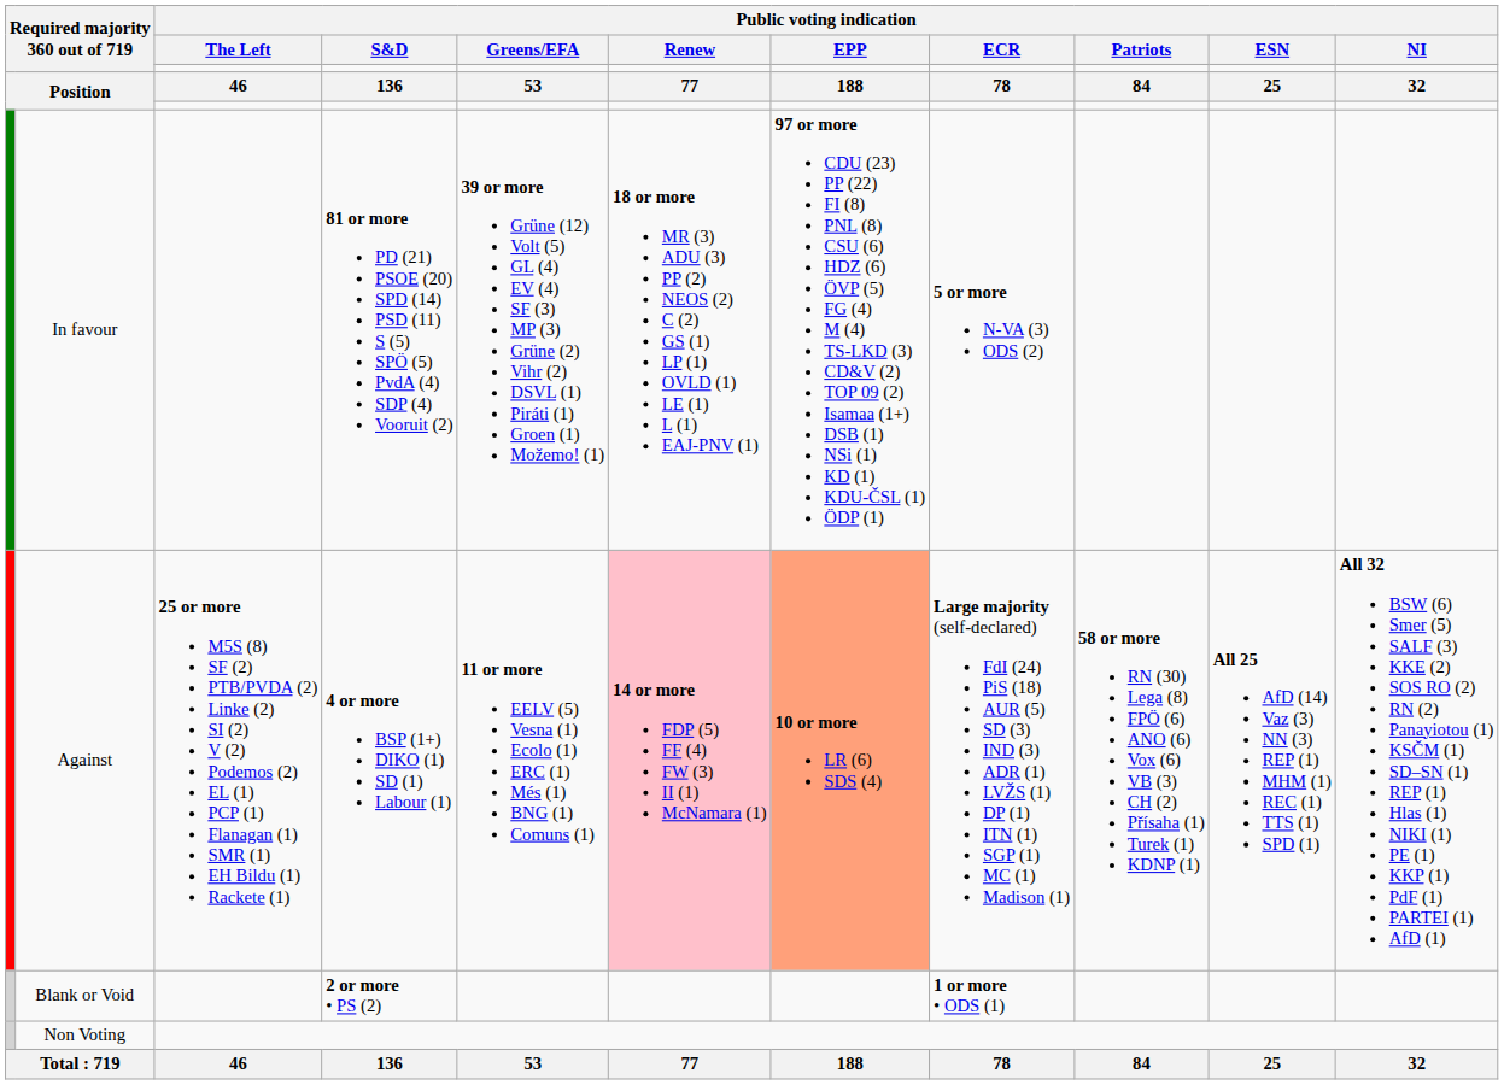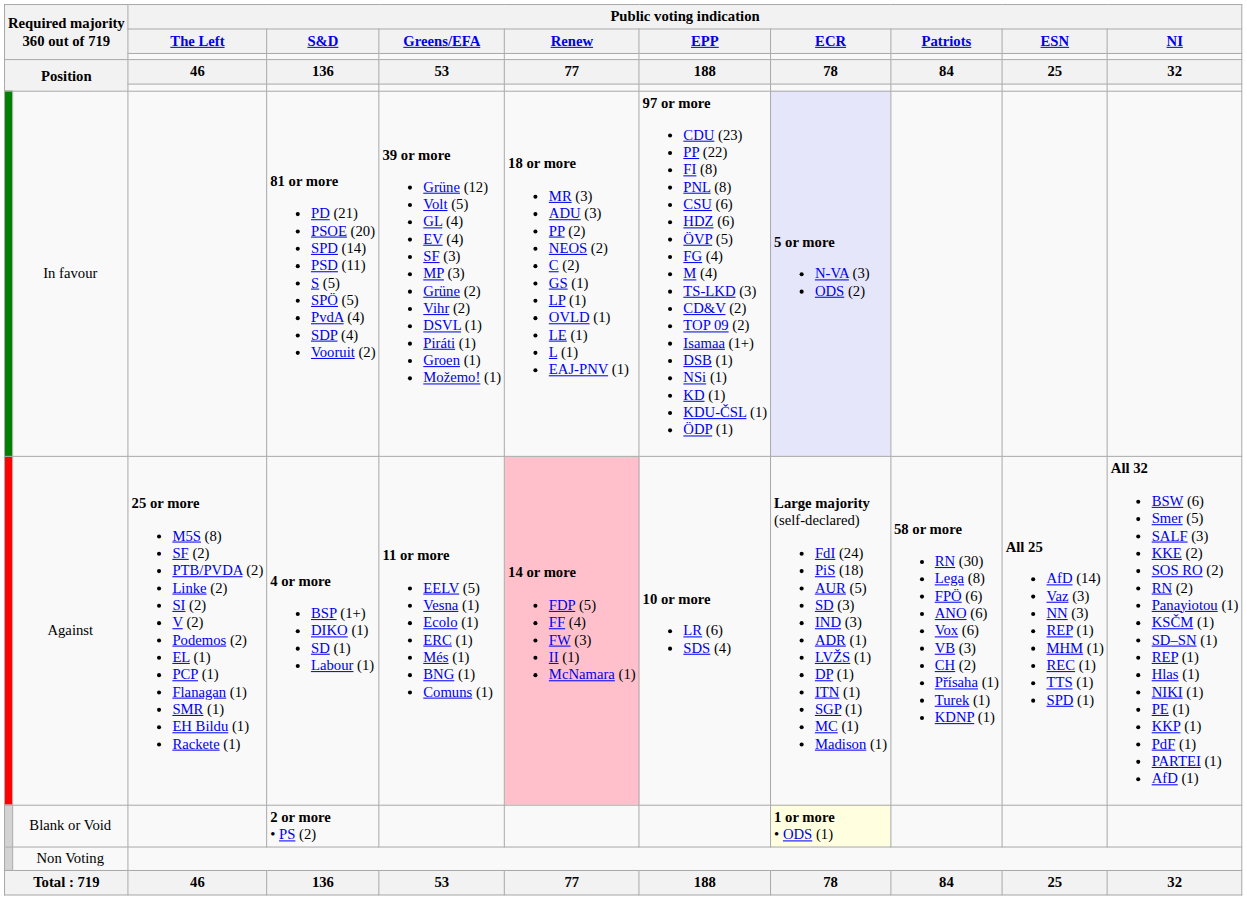 <table class="wikitable mw-collapsible" style="text-align:left; font-size:90%;">
 <tr>
 <th colspan="2" rowspan="3">Required majority<br>360 out of 719 </th>
 <th colspan="9">Public voting indication<br></th>
 </tr>
 <tr>
 <th><a href='#'>The Left</a></th>
 <th><a href='#'>S&D</a></th>
 <th><a href='#'>Greens/EFA</a></th>
 <th><a href='#'>Renew</a></th>
 <th><a href='#'>EPP</a></th>
 <th><a href='#'>ECR</a></th>
 <th><a href='#'>Patriots</a></th>
 <th><a href='#'>ESN</a></th>
 <th><a href='#'>NI</a></th>
 </tr>
 <tr>
 <td style="background-color:"></td>
 <td style="background-color:"></td>
 <td style="background-color:"></td>
 <td style="background-color:"></td>
 <td style="background-color:"></td>
 <td style="background-color:"></td>
 <td style="background-color:"></td>
 <td style="background-color:"></td>
 <td style="background-color:"></td>
 </tr>
 <tr>
 <th colspan=2 rowspan=2>Position</th>
 <th>46</th>
 <th>136</th>
 <th>53</th>
 <th>77</th>
 <th>188</th>
 <th>78</th>
 <th>84</th>
 <th>25</th>
 <th>32</th>
 </tr>
 <tr style="text-align:center;">
 <td></td>
 <td></td>
 <td></td>
 <td></td>
 <td></td>
 <td></td>
 <td></td>
 <td style="text-align:center;"></td>
 </tr>
 <tr>
 <th style="width:1px; background:green;"></th>
 <td style="text-align:center;"><span>In favour<br></span> </td>
 <td></td>
 <td><strong>81 or more</strong><br><ul><li> <a href='#'>PD</a> (21)</li><li> <a href='#'>PSOE</a> (20)</li><li> <a href='#'>SPD</a> (14)</li><li> <a href='#'>PSD</a> (11)</li><li> <a href='#'>S</a> (5)</li><li> <a href='#'>SPÖ</a> (5)</li><li> <a href='#'>PvdA</a> (4)</li><li> <a href='#'>SDP</a> (4)</li><li> <a href='#'>Vooruit</a> (2)</li></ul></td>
 <td><strong>39 or more</strong><br><ul><li> <a href='#'>Grüne</a> (12)</li><li> <a href='#'>Volt</a> (5)</li><li> <a href='#'>GL</a> (4)</li><li> <a href='#'>EV</a> (4)</li><li> <a href='#'>SF</a> (3)</li><li> <a href='#'>MP</a> (3)</li><li> <a href='#'>Grüne</a> (2)</li><li> <a href='#'>Vihr</a> (2)</li><li> <a href='#'>DSVL</a> (1)</li><li> <a href='#'>Piráti</a> (1)</li><li> <a href='#'>Groen</a> (1)</li><li> <a href='#'>Možemo!</a> (1)</li></ul></td>
 <td><strong>18 or more</strong><br><ul><li> <a href='#'>MR</a> (3)</li><li> <a href='#'>ADU</a> (3)</li><li> <a href='#'>PP</a> (2)</li><li> <a href='#'>NEOS</a> (2)</li><li> <a href='#'>C</a> (2)</li><li> <a href='#'>GS</a> (1)</li><li> <a href='#'>LP</a> (1)</li><li> <a href='#'>OVLD</a> (1)</li><li> <a href='#'>LE</a> (1)</li><li> <a href='#'>L</a> (1)</li><li> <a href='#'>EAJ-PNV</a> (1)</li></ul></td>
 <td><strong>97 or more</strong><br><ul><li> <a href='#'>CDU</a> (23)</li><li> <a href='#'>PP</a> (22)</li><li> <a href='#'>FI</a> (8)</li><li> <a href='#'>PNL</a> (8)</li><li> <a href='#'>CSU</a> (6)</li><li> <a href='#'>HDZ</a> (6)</li><li> <a href='#'>ÖVP</a> (5)</li><li> <a href='#'>FG</a> (4)</li><li> <a href='#'>M</a> (4)</li><li> <a href='#'>TS-LKD</a> (3)</li><li> <a href='#'>CD&V</a> (2)</li><li> <a href='#'>TOP 09</a> (2)</li><li> <a href='#'>Isamaa</a> (1+)</li><li> <a href='#'>DSB</a> (1)</li><li> <a href='#'>NSi</a> (1)</li><li> <a href='#'>KD</a> (1)</li><li> <a href='#'>KDU-ČSL</a> (1)</li><li> <a href='#'>ÖDP</a> (1)</li></ul></td>
-<td><strong>5 or more</strong><br><ul><li> <a href='#'>N-VA</a> (3)</li><li> <a href='#'>ODS</a> (2)</li></ul></td>
+<td style="background: lavender;"><strong>5 or more</strong><br><ul><li> <a href='#'>N-VA</a> (3)</li><li> <a href='#'>ODS</a> (2)</li></ul></td>
 <td></td>
 <td></td>
 <td></td>
 </tr>
 <tr>
 <th style="background:red;"></th>
 <td style="text-align:center;"><span>Against</span> </td>
 <td><strong>25 or more</strong><br><ul><li> <a href='#'>M5S</a> (8)</li><li> <a href='#'>SF</a> (2)</li><li> <a href='#'>PTB/PVDA</a> (2)</li><li> <a href='#'>Linke</a> (2)</li><li> <a href='#'>SI</a> (2)</li><li> <a href='#'>V</a> (2)</li><li> <a href='#'>Podemos</a> (2)</li><li> <a href='#'>EL</a> (1)</li><li> <a href='#'>PCP</a> (1)</li><li> <a href='#'>Flanagan</a> (1)</li><li> <a href='#'>SMR</a> (1)</li><li> <a href='#'>EH Bildu</a> (1)</li><li> <a href='#'>Rackete</a> (1)</li></ul></td>
 <td><strong>4 or more</strong><br><ul><li> <a href='#'>BSP</a> (1+)</li><li> <a href='#'>DIKO</a> (1)</li><li> <a href='#'>SD</a> (1)</li><li> <a href='#'>Labour</a> (1)</li></ul></td>
 <td><strong>11 or more</strong><br><ul><li> <a href='#'>EELV</a> (5)</li><li> <a href='#'>Vesna</a> (1)</li><li> <a href='#'>Ecolo</a> (1)</li><li> <a href='#'>ERC</a> (1)</li><li> <a href='#'>Més</a> (1)</li><li> <a href='#'>BNG</a> (1)</li><li> <a href='#'>Comuns</a> (1)</li></ul></td>
 <td style="background: pink;"><strong>14 or more</strong><br><ul><li> <a href='#'>FDP</a> (5)</li><li> <a href='#'>FF</a> (4)</li><li> <a href='#'>FW</a> (3)</li><li> <a href='#'>II</a> (1)</li><li> <a href='#'>McNamara</a> (1)</li></ul></td>
-<td style="background: lightsalmon;"><strong>10 or more</strong><br><ul><li> <a href='#'>LR</a> (6)</li><li> <a href='#'>SDS</a> (4)</li></ul></td>
+<td><strong>10 or more</strong><br><ul><li> <a href='#'>LR</a> (6)</li><li> <a href='#'>SDS</a> (4)</li></ul></td>
 <td><strong>Large majority</strong><br>(self-declared)<br><ul><li> <a href='#'>FdI</a> (24)</li><li> <a href='#'>PiS</a> (18)</li><li> <a href='#'>AUR</a> (5)</li><li> <a href='#'>SD</a> (3)</li><li> <a href='#'>IND</a> (3)</li><li> <a href='#'>ADR</a> (1)</li><li> <a href='#'>LVŽS</a> (1)</li><li> <a href='#'>DP</a> (1)</li><li> <a href='#'>ITN</a> (1)</li><li> <a href='#'>SGP</a> (1)</li><li> <a href='#'>MC</a> (1)</li><li> <a href='#'>Madison</a> (1)</li></ul></td>
 <td><strong>58 or more</strong><br><ul><li> <a href='#'>RN</a> (30)</li><li> <a href='#'>Lega</a> (8)</li><li> <a href='#'>FPÖ</a> (6)</li><li> <a href='#'>ANO</a> (6)</li><li> <a href='#'>Vox</a> (6)</li><li> <a href='#'>VB</a> (3)</li><li> <a href='#'>CH</a> (2)</li><li> <a href='#'>Přísaha</a> (1)</li><li> <a href='#'>Turek</a> (1)</li><li> <a href='#'>KDNP</a> (1)</li></ul></td>
 <td><strong>All 25</strong><br><ul><li> <a href='#'>AfD</a> (14)</li><li> <a href='#'>Vaz</a> (3)</li><li> <a href='#'>NN</a> (3)</li><li> <a href='#'>REP</a> (1)</li><li> <a href='#'>MHM</a> (1)</li><li> <a href='#'>REC</a> (1)</li><li> <a href='#'>TTS</a> (1)</li><li> <a href='#'>SPD</a> (1)</li></ul></td>
 <td><strong>All 32</strong><br><ul><li> <a href='#'>BSW</a> (6)</li><li> <a href='#'>Smer</a> (5)</li><li> <a href='#'>SALF</a> (3)</li><li> <a href='#'>KKE</a> (2)</li><li> <a href='#'>SOS RO</a> (2)</li><li> <a href='#'>RN</a> (2)</li><li> <a href='#'>Panayiotou</a> (1)</li><li> <a href='#'>KSČM</a> (1)</li><li> <a href='#'>SD–SN</a> (1)</li><li> <a href='#'>REP</a> (1)</li><li> <a href='#'>Hlas</a> (1)</li><li> <a href='#'>NIKI</a> (1)</li><li> <a href='#'>PE</a> (1)</li><li> <a href='#'>KKP</a> (1)</li><li> <a href='#'>PdF</a> (1)</li><li> <a href='#'>PARTEI</a> (1)</li><li> <a href='#'>AfD</a> (1)</li></ul></td>
 </tr>
 <tr>
 <th style="background:lightgray;"></th>
 <td style="text-align:center;"><span>Blank or Void</span> </td>
 <td></td>
 <td><strong>2 or more</strong><br>•  <a href='#'>PS</a> (2)</td>
 <td></td>
 <td></td>
 <td></td>
-<td><strong>1 or more</strong><br>•  <a href='#'>ODS</a> (1)</td>
+<td style="background: lightyellow;"><strong>1 or more</strong><br>•  <a href='#'>ODS</a> (1)</td>
 <td></td>
 <td></td>
 <td></td>
 </tr>
 <tr>
 <th style="background:lightgray;"></th>
 <td style="text-align:center;"><span>Non Voting</span> </td>
 </tr>
 <tr>
 <th style="text-align:center;" colspan="2">Total : 719</th>
 <th>46</th>
 <th>136</th>
 <th>53</th>
 <th>77</th>
 <th>188</th>
 <th>78</th>
 <th>84</th>
 <th>25</th>
 <th>32</th>
 </tr>
 </table>
